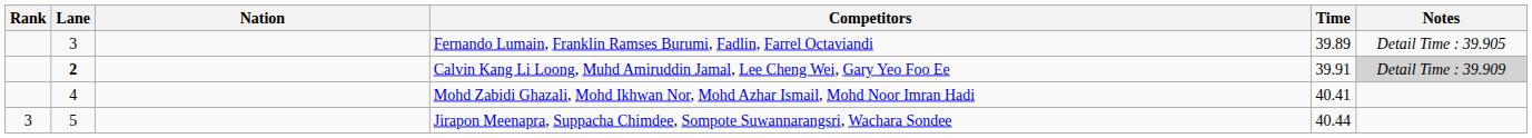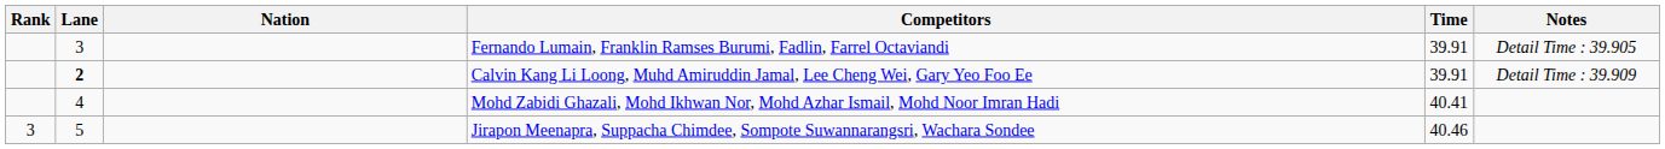 <table class="wikitable sortable"  style="width:75%; text-align:center; font-size:95%;">
 <tr>
 <th width=15>Rank</th>
 <th width=15>Lane</th>
 <th width=300>Nation</th>
 <th width=800>Competitors</th>
 <th width=15>Time</th>
 <th width=150>Notes</th>
 </tr>
 <tr>
 <td></td>
 <td>3</td>
 <td align=left></td>
 <td align=left><a href='#'>Fernando Lumain</a>, <a href='#'>Franklin Ramses Burumi</a>, <a href='#'>Fadlin</a>, <a href='#'>Farrel Octaviandi</a></td>
-<td>39.89</td>
+<td>39.91</td>
 <td><em>Detail Time : 39.905</em></td>
 </tr>
 <tr>
 <td></td>
 <td><strong>2</strong></td>
 <td align=left></td>
 <td align=left><a href='#'>Calvin Kang Li Loong</a>, <a href='#'>Muhd Amiruddin Jamal</a>, <a href='#'>Lee Cheng Wei</a>, <a href='#'>Gary Yeo Foo Ee</a></td>
 <td>39.91</td>
-<td style="background: lightgrey;"><em>Detail Time : 39.909</em></td>
+<td><em>Detail Time : 39.909</em></td>
 </tr>
 <tr>
 <td></td>
 <td>4</td>
 <td align=left></td>
 <td align=left><a href='#'>Mohd Zabidi Ghazali</a>, <a href='#'>Mohd Ikhwan Nor</a>, <a href='#'>Mohd Azhar Ismail</a>, <a href='#'>Mohd Noor Imran Hadi</a></td>
 <td>40.41</td>
 <td></td>
 </tr>
 <tr>
 <td>3</td>
 <td>5</td>
 <td align=left></td>
 <td align=left><a href='#'>Jirapon Meenapra</a>, <a href='#'>Suppacha Chimdee</a>, <a href='#'>Sompote Suwannarangsri</a>, <a href='#'>Wachara Sondee</a></td>
-<td>40.44</td>
+<td>40.46</td>
 <td></td>
 </tr>
 </table>
